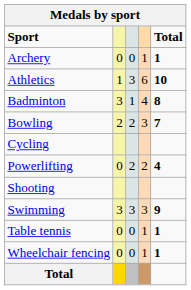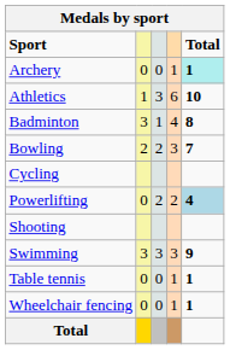 <table class=wikitable style="font-size:95%; ">
 <tr bgcolor=EFEFEF>
 <th colspan=7><strong>Medals by sport</strong></th>
 </tr>
 <tr>
 <td><strong>Sport</strong></td>
 <td bgcolor=F7F6A8></td>
 <td bgcolor=DCE5E5></td>
 <td bgcolor=FFDBA9></td>
 <td><strong>Total</strong></td>
 </tr>
 <tr>
 <td><a href='#'>Archery</a></td>
 <td bgcolor=F7F6A8>0</td>
 <td bgcolor=DCE5E5>0</td>
 <td bgcolor=FFDAB9>1</td>
-<td><strong>1</strong></td>
+<td style="background: paleturquoise;"><strong>1</strong></td>
 </tr>
 <tr>
 <td><a href='#'>Athletics</a></td>
 <td bgcolor=F7F6A8>1</td>
 <td bgcolor=DCE5E5>3</td>
 <td bgcolor=FFDAB9>6</td>
 <td><strong>10</strong></td>
 </tr>
 <tr>
 <td><a href='#'>Badminton</a></td>
 <td bgcolor=F7F6A8>3</td>
 <td bgcolor=DCE5E5>1</td>
 <td bgcolor=FFDAB9>4</td>
 <td><strong>8</strong></td>
 </tr>
 <tr>
 <td><a href='#'>Bowling</a></td>
 <td bgcolor=F7F6A8>2</td>
 <td bgcolor=DCE5E5>2</td>
 <td bgcolor=FFDAB9>3</td>
 <td><strong>7</strong></td>
 </tr>
 <tr>
 <td><a href='#'>Cycling</a></td>
 <td bgcolor=F7F6A8></td>
 <td bgcolor=DCE5E5></td>
 <td bgcolor=FFDAB9></td>
 <td></td>
 </tr>
 <tr>
 <td><a href='#'>Powerlifting</a></td>
 <td bgcolor=F7F6A8>0</td>
 <td bgcolor=DCE5E5>2</td>
 <td bgcolor=FFDAB9>2</td>
-<td><strong>4</strong></td>
+<td style="background: lightblue;"><strong>4</strong></td>
 </tr>
 <tr>
 <td><a href='#'>Shooting</a></td>
 <td bgcolor=F7F6A8></td>
 <td bgcolor=DCE5E5></td>
 <td bgcolor=FFDAB9></td>
 <td></td>
 </tr>
 <tr>
 <td><a href='#'>Swimming</a></td>
 <td bgcolor=F7F6A8>3</td>
 <td bgcolor=DCE5E5>3</td>
 <td bgcolor=FFDAB9>3</td>
 <td><strong>9</strong></td>
 </tr>
 <tr>
 <td><a href='#'>Table tennis</a></td>
 <td bgcolor=F7F6A8>0</td>
 <td bgcolor=DCE5E5>0</td>
 <td bgcolor=FFDAB9>1</td>
 <td><strong>1</strong></td>
 </tr>
 <tr>
 <td><a href='#'>Wheelchair fencing</a></td>
 <td bgcolor=F7F6A8>0</td>
 <td bgcolor=DCE5E5>0</td>
 <td bgcolor=FFDAB9>1</td>
 <td><strong>1</strong></td>
 </tr>
 <tr>
 <th><strong>Total</strong></th>
 <td style="background:gold;"></td>
 <td style="background:silver;"></td>
 <td style="background:#c96;"></td>
 <td></td>
 </tr>
 </table>
